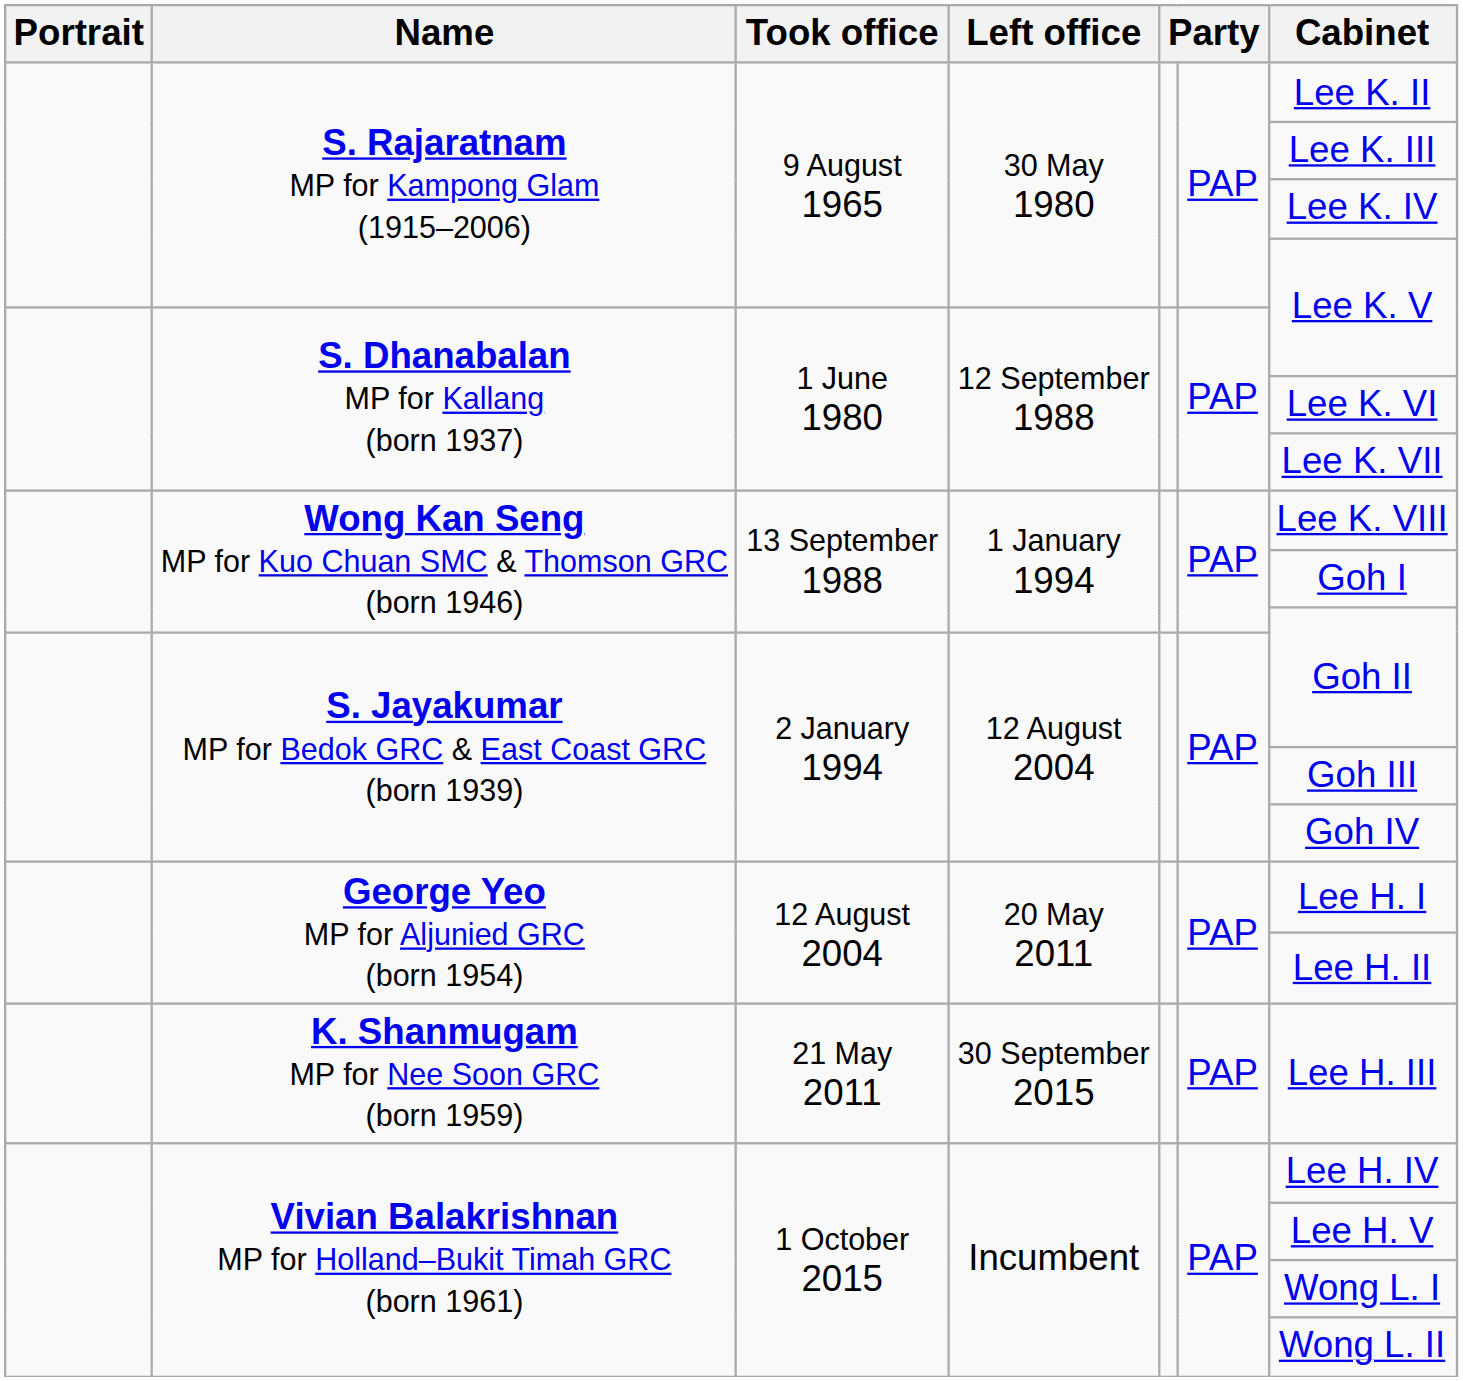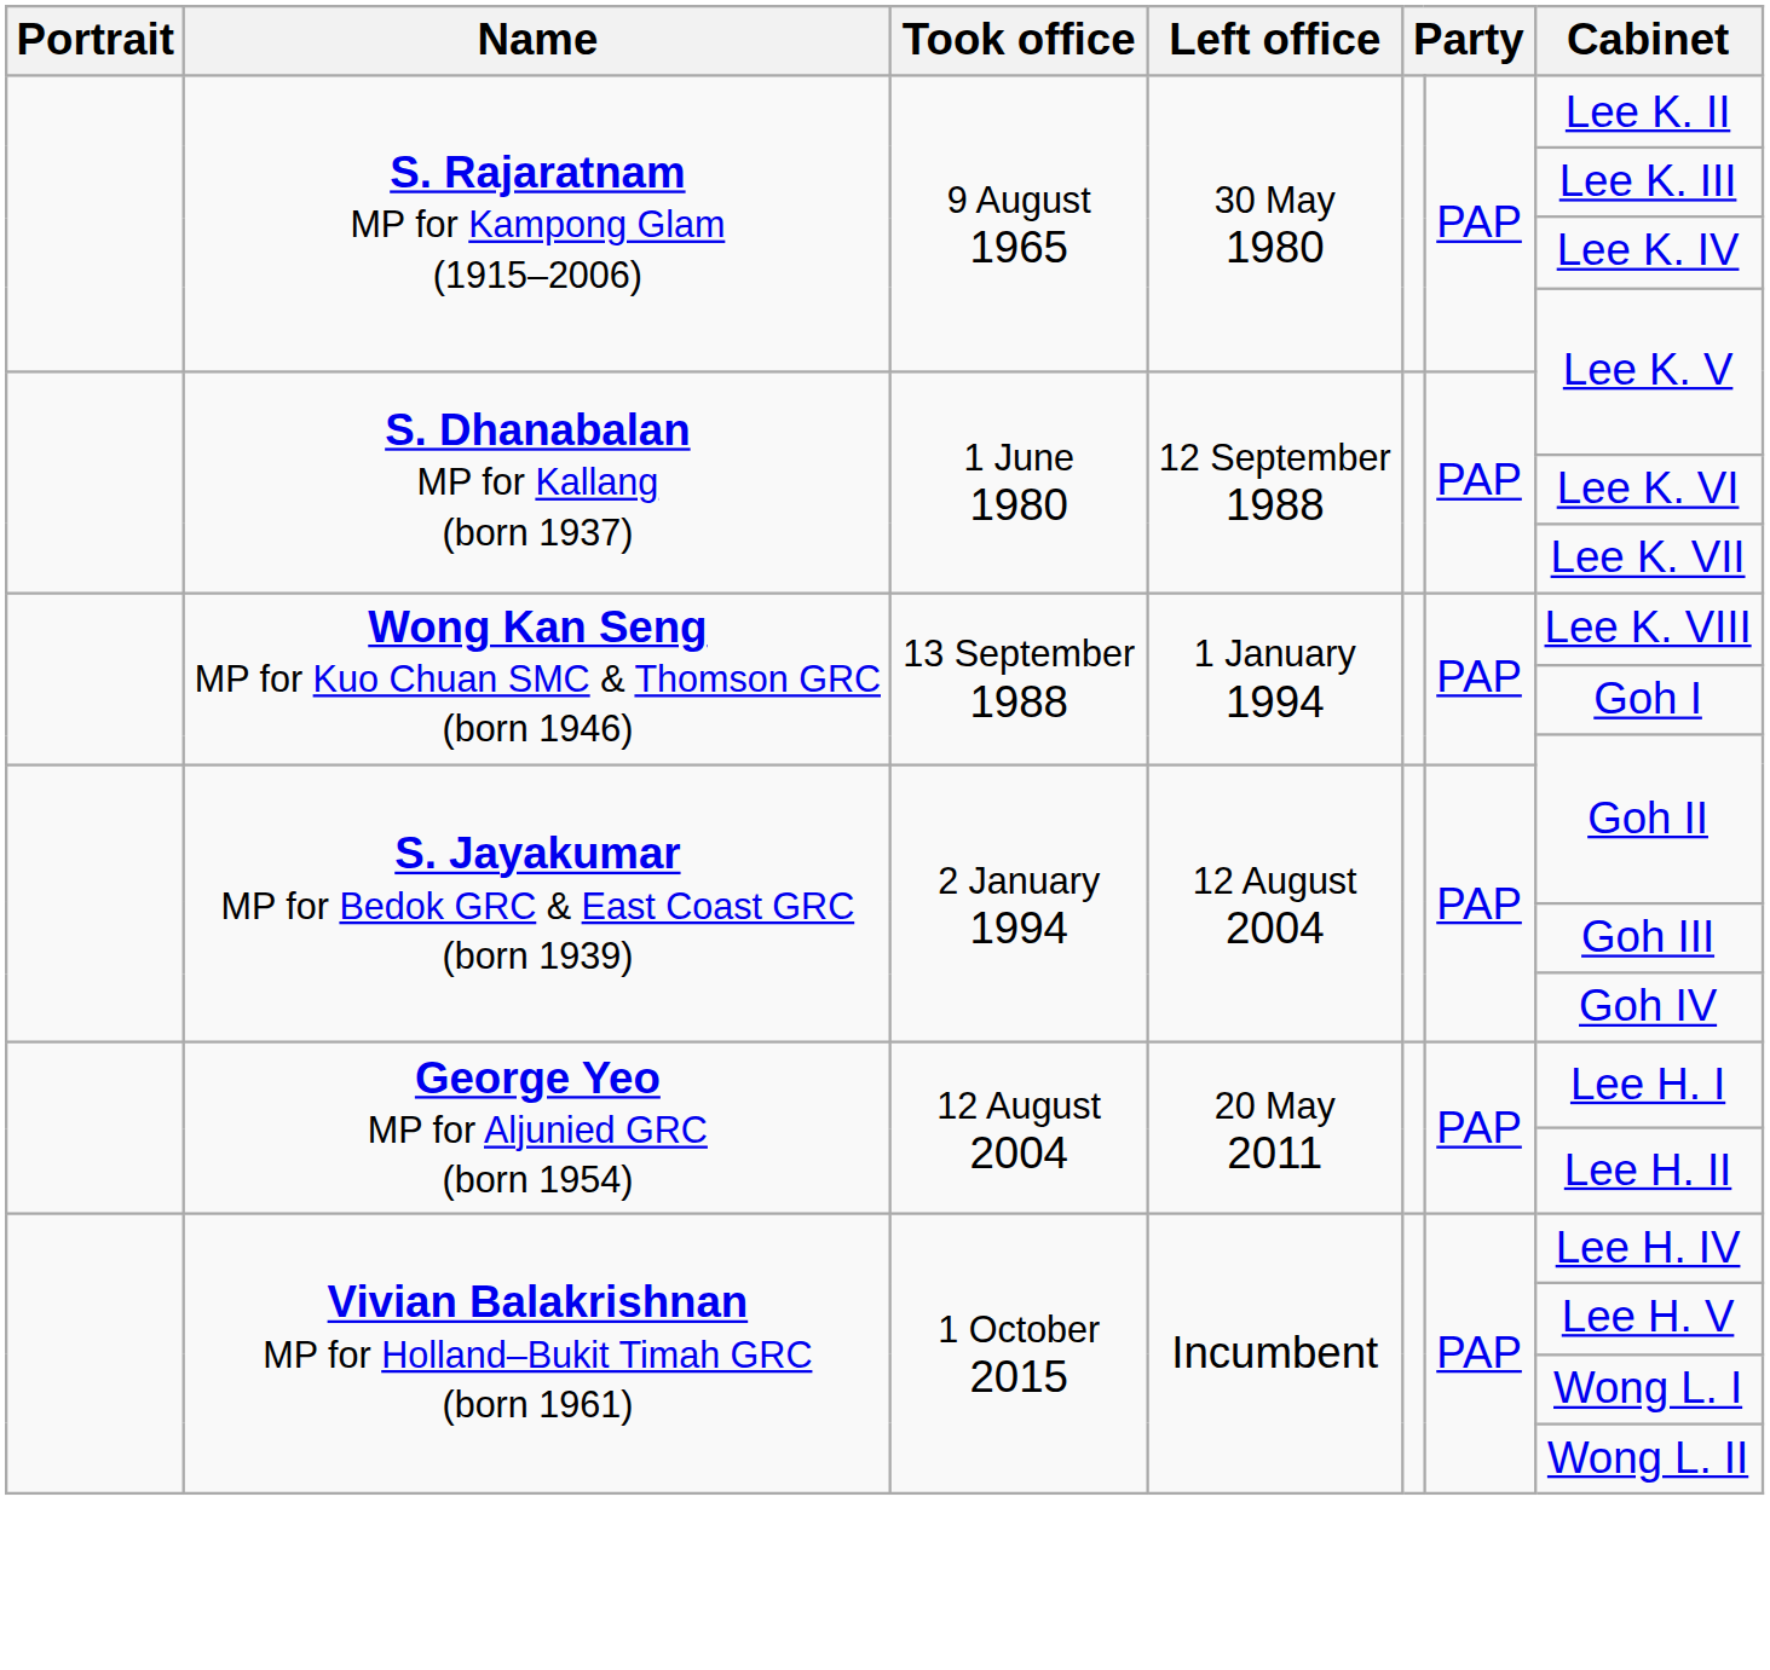 <table class="wikitable" style="text-align:center; border:1px #aaf solid;">
 <tr>
 <th>Portrait</th>
 <th>Name<br></th>
 <th width="85">Took office</th>
 <th width="85">Left office</th>
 <th colspan="2">Party</th>
 <th>Cabinet</th>
 </tr>
 <tr>
 <td rowspan="4"></td>
 <td rowspan="4"><strong><a href='#'>S. Rajaratnam</a></strong><br><small>MP for <a href='#'>Kampong Glam</a></small><br><small>(1915–2006)</small></td>
 <td rowspan="4"><small>9 August</small><br>1965</td>
 <td rowspan="4"><small>30 May</small><br>1980</td>
 <td rowspan="4" style="background:"></td>
 <td rowspan="4"><a href='#'>PAP</a></td>
 <td><a href='#'>Lee K. II</a></td>
 </tr>
 <tr>
 <td><a href='#'>Lee K. III</a></td>
 </tr>
 <tr>
 <td><a href='#'>Lee K. IV</a></td>
 </tr>
 <tr style="height:30px;">
 <td rowspan="2"><a href='#'>Lee K. V</a></td>
 </tr>
 <tr style="height:30px;">
 <td rowspan="3"></td>
 <td rowspan="3"><strong><a href='#'>S. Dhanabalan</a></strong><br><small>MP for <a href='#'>Kallang</a></small><br><small>(born 1937)</small></td>
 <td rowspan="3"><small>1 June</small><br>1980</td>
 <td rowspan="3"><small>12 September</small><br>1988</td>
 <td rowspan="3" style="background:"></td>
 <td rowspan="3"><a href='#'>PAP</a></td>
 </tr>
 <tr>
 <td><a href='#'>Lee K. VI</a></td>
 </tr>
 <tr>
 <td><a href='#'>Lee K. VII</a></td>
 </tr>
 <tr>
 <td rowspan="3"></td>
 <td rowspan="3"><strong><a href='#'>Wong Kan Seng</a></strong><br><small>MP for <a href='#'>Kuo Chuan SMC</a> & <a href='#'>Thomson GRC</a></small><br><small>(born 1946)</small></td>
 <td rowspan="3"><small>13 September</small><br>1988</td>
 <td rowspan="3"><small>1 January</small><br>1994</td>
 <td rowspan="3" style="background:"></td>
 <td rowspan="3"><a href='#'>PAP</a></td>
 <td><a href='#'>Lee K. VIII</a></td>
 </tr>
 <tr>
 <td><a href='#'>Goh I</a></td>
 </tr>
 <tr>
 <td rowspan="2"><a href='#'>Goh II</a></td>
 </tr>
 <tr style="height:50px;">
 <td rowspan="3"></td>
 <td rowspan="3"><a href='#'><strong>S. Jayakumar</strong></a><br><small>MP for <a href='#'>Bedok GRC</a> & <a href='#'>East Coast GRC</a></small><br><small>(born 1939)</small></td>
 <td rowspan="3"><small>2 January</small><br>1994</td>
 <td rowspan="3"><small>12 August</small><br>2004</td>
 <td rowspan="3" style="background:"></td>
 <td rowspan="3"><a href='#'>PAP</a></td>
 </tr>
 <tr>
 <td><a href='#'>Goh III</a></td>
 </tr>
 <tr>
 <td><a href='#'>Goh IV</a></td>
 </tr>
 <tr>
 <td rowspan="2"></td>
 <td rowspan="2"><strong><a href='#'>George Yeo</a></strong><br><small>MP for <a href='#'>Aljunied GRC</a></small><br><small>(born 1954)</small></td>
 <td rowspan="2"><small>12 August</small><br>2004</td>
 <td rowspan="2"><small>20 May</small><br>2011</td>
 <td rowspan="2" style="background:"></td>
 <td rowspan="2"><a href='#'>PAP</a></td>
 <td><a href='#'>Lee H. I</a></td>
 </tr>
 <tr>
 <td><a href='#'>Lee H. II</a></td>
 </tr>
 <tr>
-<td></td>
-<td><strong><a href='#'>K. Shanmugam</a></strong><br><small>MP for <a href='#'>Nee Soon GRC</a></small><br><small>(born 1959)</small></td>
-<td><small>21 May</small><br>2011</td>
-<td><small>30 September</small><br>2015</td>
-<td style="background:"></td>
-<td><a href='#'>PAP</a></td>
-<td><a href='#'>Lee H. III</a></td>
-</tr>
-<tr>
 <td rowspan="4"></td>
 <td rowspan="4"><strong><a href='#'>Vivian Balakrishnan</a></strong><br><small>MP for <a href='#'>Holland–Bukit Timah GRC</a></small><br><small>(born 1961)</small></td>
 <td rowspan="4"><small>1 October</small><br>2015</td>
 <td rowspan="4">Incumbent</td>
 <td rowspan="4" style="background:"></td>
 <td rowspan="4"><a href='#'>PAP</a></td>
 <td><a href='#'>Lee H. IV</a></td>
 </tr>
 <tr>
 <td><a href='#'>Lee H. V</a></td>
 </tr>
 <tr>
 <td><a href='#'>Wong L. I</a></td>
 </tr>
 <tr>
 <td><a href='#'>Wong L. II</a></td>
 </tr>
 </table>
